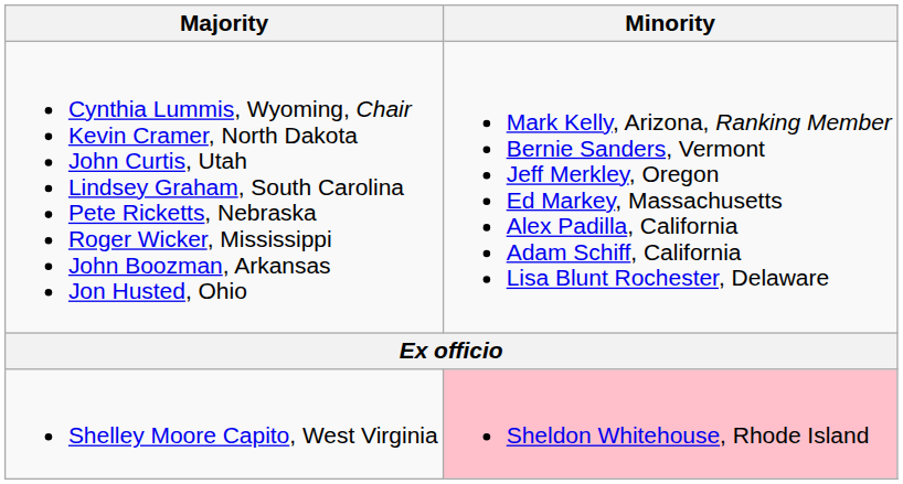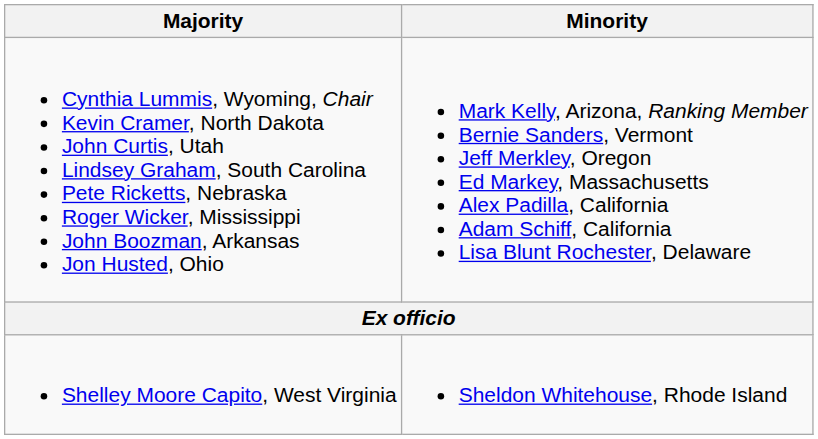 <table class=wikitable>
 <tr>
 <th>Majority</th>
 <th>Minority</th>
 </tr>
 <tr>
 <td><br><ul><li><a href='#'>Cynthia Lummis</a>, Wyoming, <em>Chair</em></li><li><a href='#'>Kevin Cramer</a>, North Dakota</li><li><a href='#'>John Curtis</a>, Utah</li><li><a href='#'>Lindsey Graham</a>, South Carolina</li><li><a href='#'>Pete Ricketts</a>, Nebraska</li><li><a href='#'>Roger Wicker</a>, Mississippi</li><li><a href='#'>John Boozman</a>, Arkansas</li><li><a href='#'>Jon Husted</a>, Ohio</li></ul></td>
 <td><br><ul><li><a href='#'>Mark Kelly</a>, Arizona, <em>Ranking Member</em></li><li><span><a href='#'>Bernie Sanders</a>, Vermont</span></li><li><a href='#'>Jeff Merkley</a>, Oregon</li><li><a href='#'>Ed Markey</a>, Massachusetts</li><li><a href='#'>Alex Padilla</a>, California</li><li><a href='#'>Adam Schiff</a>, California</li><li><a href='#'>Lisa Blunt Rochester</a>, Delaware</li></ul></td>
 </tr>
 <tr>
 <th colspan=2><em>Ex officio</em></th>
 </tr>
 <tr>
 <td><br><ul><li><a href='#'>Shelley Moore Capito</a>, West Virginia</li></ul></td>
-<td style="background: pink;"><br><ul><li><a href='#'>Sheldon Whitehouse</a>, Rhode Island</li></ul></td>
+<td><br><ul><li><a href='#'>Sheldon Whitehouse</a>, Rhode Island</li></ul></td>
 </tr>
 </table>
